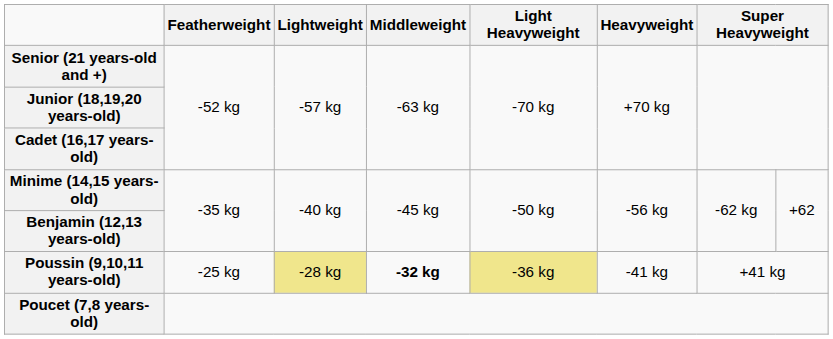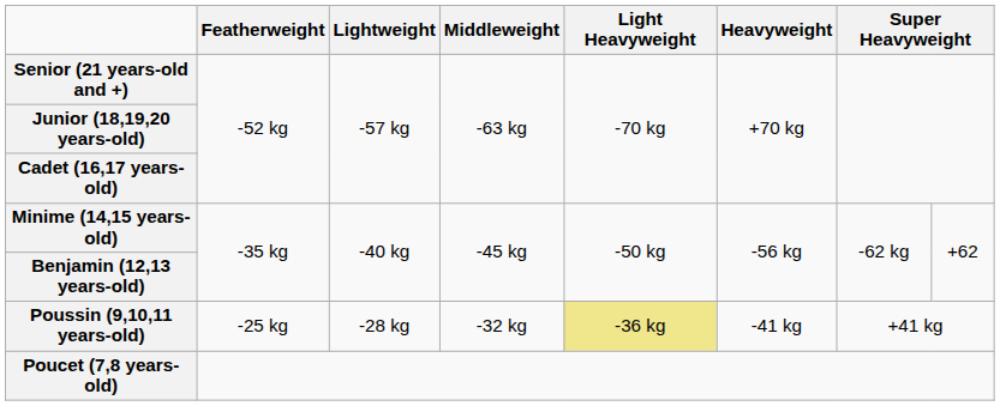 <table class="wikitable" style="text-align:center;">
 <tr>
 <td></td>
 <th scope=col>Featherweight</th>
 <th scope=col>Lightweight</th>
 <th scope=col>Middleweight</th>
 <th scope=col>Light Heavyweight</th>
 <th scope=col>Heavyweight</th>
 <th scope=col colspan=2>Super Heavyweight</th>
 </tr>
 <tr>
 <th scope=row>Senior (21 years-old and +)</th>
 <td rowspan=3>-52 kg</td>
 <td rowspan=3>-57 kg</td>
 <td rowspan=3>-63 kg</td>
 <td rowspan=3>-70 kg</td>
 <td rowspan=3>+70 kg</td>
 <td rowspan=3 colspan=2></td>
 </tr>
 <tr>
 <th scope=row>Junior (18,19,20 years-old)</th>
 </tr>
 <tr>
 <th scope=row>Cadet (16,17 years-old)</th>
 </tr>
 <tr>
 <th scope=row>Minime (14,15 years-old)</th>
 <td rowspan=2>-35 kg</td>
 <td rowspan=2>-40 kg</td>
 <td rowspan=2>-45 kg</td>
 <td rowspan=2>-50 kg</td>
 <td rowspan=2>-56 kg</td>
 <td rowspan=2>-62 kg</td>
 <td rowspan=2>+62</td>
 </tr>
 <tr>
 <th scope=row>Benjamin (12,13 years-old)</th>
 </tr>
 <tr>
 <th scope=row>Poussin (9,10,11 years-old)</th>
 <td>-25 kg</td>
-<td style="background: khaki;">-28 kg</td>
-<td><strong>-32 kg</strong></td>
+<td>-28 kg</td>
+<td>-32 kg</td>
 <td style="background: khaki;">-36 kg</td>
 <td>-41 kg</td>
 <td colspan=2>+41 kg</td>
 </tr>
 <tr>
 <th scope=row>Poucet (7,8 years-old)</th>
 </tr>
 </table>
